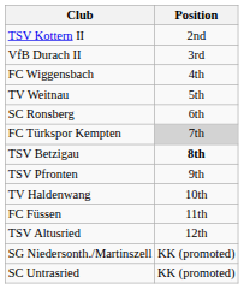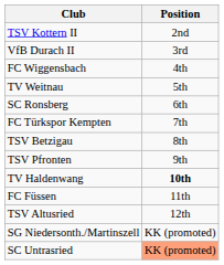 <table class="wikitable sortable" style="text-align:center">
 <tr>
 <th>Club</th>
 <th>Position</th>
 </tr>
 <tr>
 <td style="text-align:left;"><a href='#'>TSV Kottern</a> II</td>
 <td>2nd</td>
 </tr>
 <tr>
 <td style="text-align:left;">VfB Durach II</td>
 <td>3rd</td>
 </tr>
 <tr>
 <td style="text-align:left;">FC Wiggensbach</td>
 <td>4th</td>
 </tr>
 <tr>
 <td style="text-align:left;">TV Weitnau</td>
 <td>5th</td>
 </tr>
 <tr>
 <td style="text-align:left;">SC Ronsberg</td>
 <td>6th</td>
 </tr>
 <tr>
 <td style="text-align:left;">FC Türkspor Kempten</td>
-<td style="background: lightgrey;">7th</td>
+<td>7th</td>
 </tr>
 <tr>
 <td style="text-align:left;">TSV Betzigau</td>
-<td><strong>8th</strong></td>
+<td>8th</td>
 </tr>
 <tr>
 <td style="text-align:left;">TSV Pfronten</td>
 <td>9th</td>
 </tr>
 <tr>
 <td style="text-align:left;">TV Haldenwang</td>
-<td>10th</td>
+<td><strong>10th</strong></td>
 </tr>
 <tr>
 <td style="text-align:left;">FC Füssen</td>
 <td>11th</td>
 </tr>
 <tr>
 <td style="text-align:left;">TSV Altusried</td>
 <td>12th</td>
 </tr>
 <tr>
 <td style="text-align:left;">SG Niedersonth./Martinszell</td>
 <td>KK (promoted)</td>
 </tr>
 <tr>
 <td style="text-align:left;">SC Untrasried</td>
-<td>KK (promoted)</td>
+<td style="background: lightsalmon;">KK (promoted)</td>
 </tr>
 </table>
